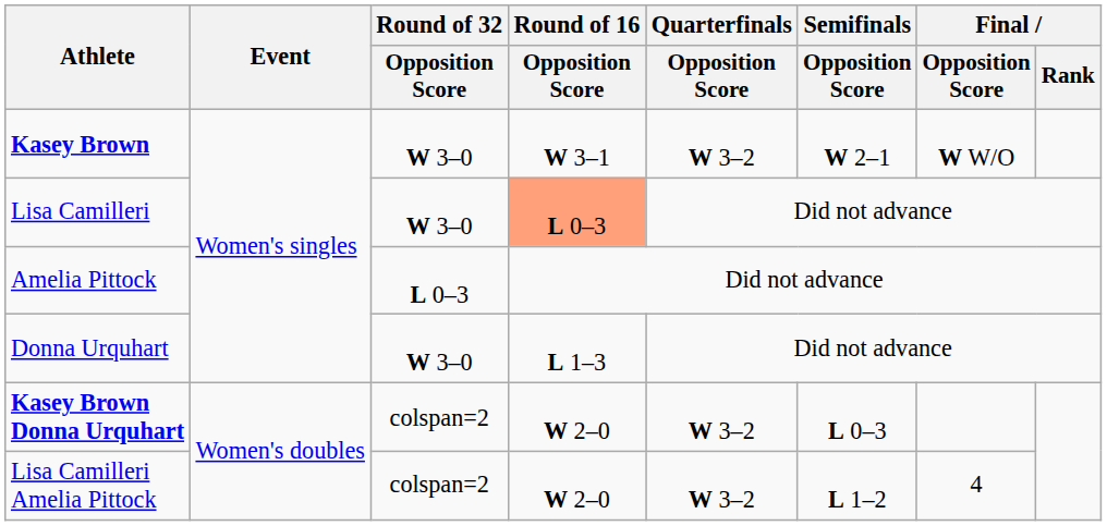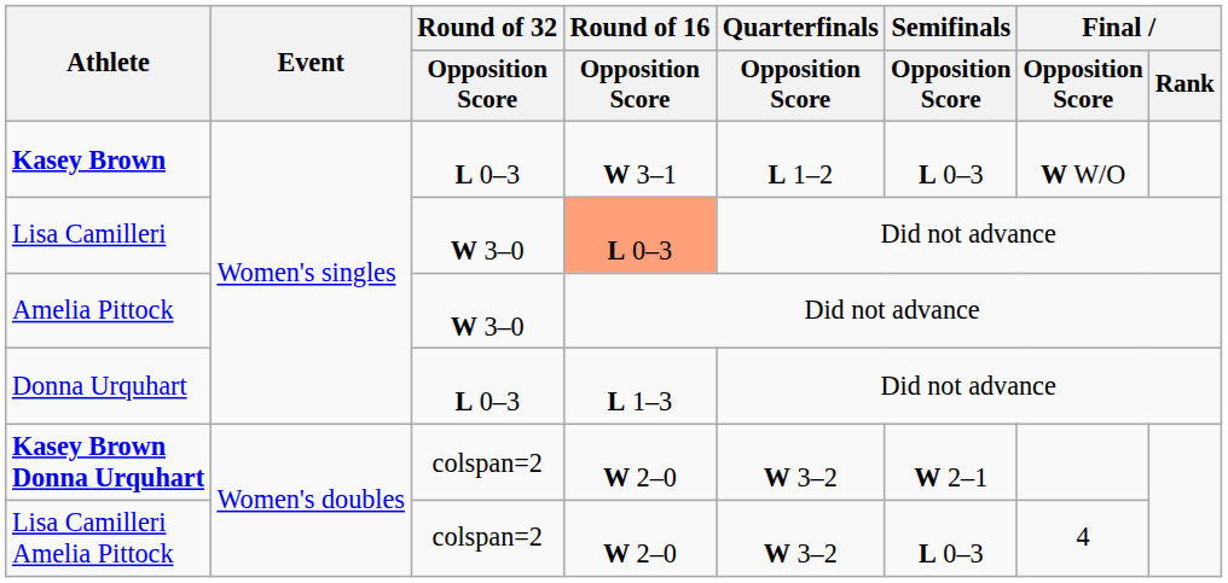 <table class=wikitable style="font-size:90%">
 <tr>
 <th rowspan="2">Athlete</th>
 <th rowspan="2">Event</th>
 <th>Round of 32</th>
 <th>Round of 16</th>
 <th>Quarterfinals</th>
 <th>Semifinals</th>
 <th colspan=2>Final / </th>
 </tr>
 <tr style="font-size:95%">
 <th>Opposition<br>Score</th>
 <th>Opposition<br>Score</th>
 <th>Opposition<br>Score</th>
 <th>Opposition<br>Score</th>
 <th>Opposition<br>Score</th>
 <th>Rank</th>
 </tr>
 <tr align=center>
 <td align=left><strong><a href='#'>Kasey Brown</a></strong></td>
 <td align=left rowspan=4><a href='#'>Women's singles</a></td>
-<td><br><strong>W</strong> 3–0</td>
+<td><br><strong>L</strong> 0–3</td>
 <td><br><strong>W</strong> 3–1</td>
-<td><br><strong>W</strong> 3–2</td>
-<td><br><strong>W</strong> 2–1</td>
+<td><br><strong>L</strong> 1–2</td>
+<td><br><strong>L</strong> 0–3</td>
 <td><br><strong>W</strong> W/O</td>
 <td></td>
 </tr>
 <tr align=center>
 <td align=left><a href='#'>Lisa Camilleri</a></td>
 <td><br><strong>W</strong> 3–0</td>
 <td style="background: lightsalmon;"><br><strong>L</strong> 0–3</td>
 <td colspan=4>Did not advance</td>
 </tr>
 <tr align=center>
 <td align=left><a href='#'>Amelia Pittock</a></td>
-<td><br><strong>L</strong> 0–3</td>
+<td><br><strong>W</strong> 3–0</td>
 <td colspan=5>Did not advance</td>
 </tr>
 <tr align=center>
 <td align=left><a href='#'>Donna Urquhart</a></td>
-<td><br><strong>W</strong> 3–0</td>
+<td><br><strong>L</strong> 0–3</td>
 <td><br><strong>L</strong> 1–3</td>
 <td colspan=4>Did not advance</td>
 </tr>
 <tr align=center>
 <td align=left><strong><a href='#'>Kasey Brown</a><br><a href='#'>Donna Urquhart</a></strong></td>
 <td align=left rowspan=2><a href='#'>Women's doubles</a></td>
 <td>colspan=2 </td>
 <td><br><strong>W</strong> 2–0</td>
 <td><br><strong>W</strong> 3–2</td>
-<td><br><strong>L</strong> 0–3</td>
+<td><br><strong>W</strong> 2–1</td>
 <td></td>
 </tr>
 <tr align=center>
 <td align=left><a href='#'>Lisa Camilleri</a><br><a href='#'>Amelia Pittock</a></td>
 <td>colspan=2 </td>
 <td><br><strong>W</strong> 2–0</td>
 <td><br><strong>W</strong> 3–2</td>
-<td><br><strong>L</strong> 1–2</td>
+<td><br><strong>L</strong> 0–3</td>
 <td>4</td>
 </tr>
 </table>
